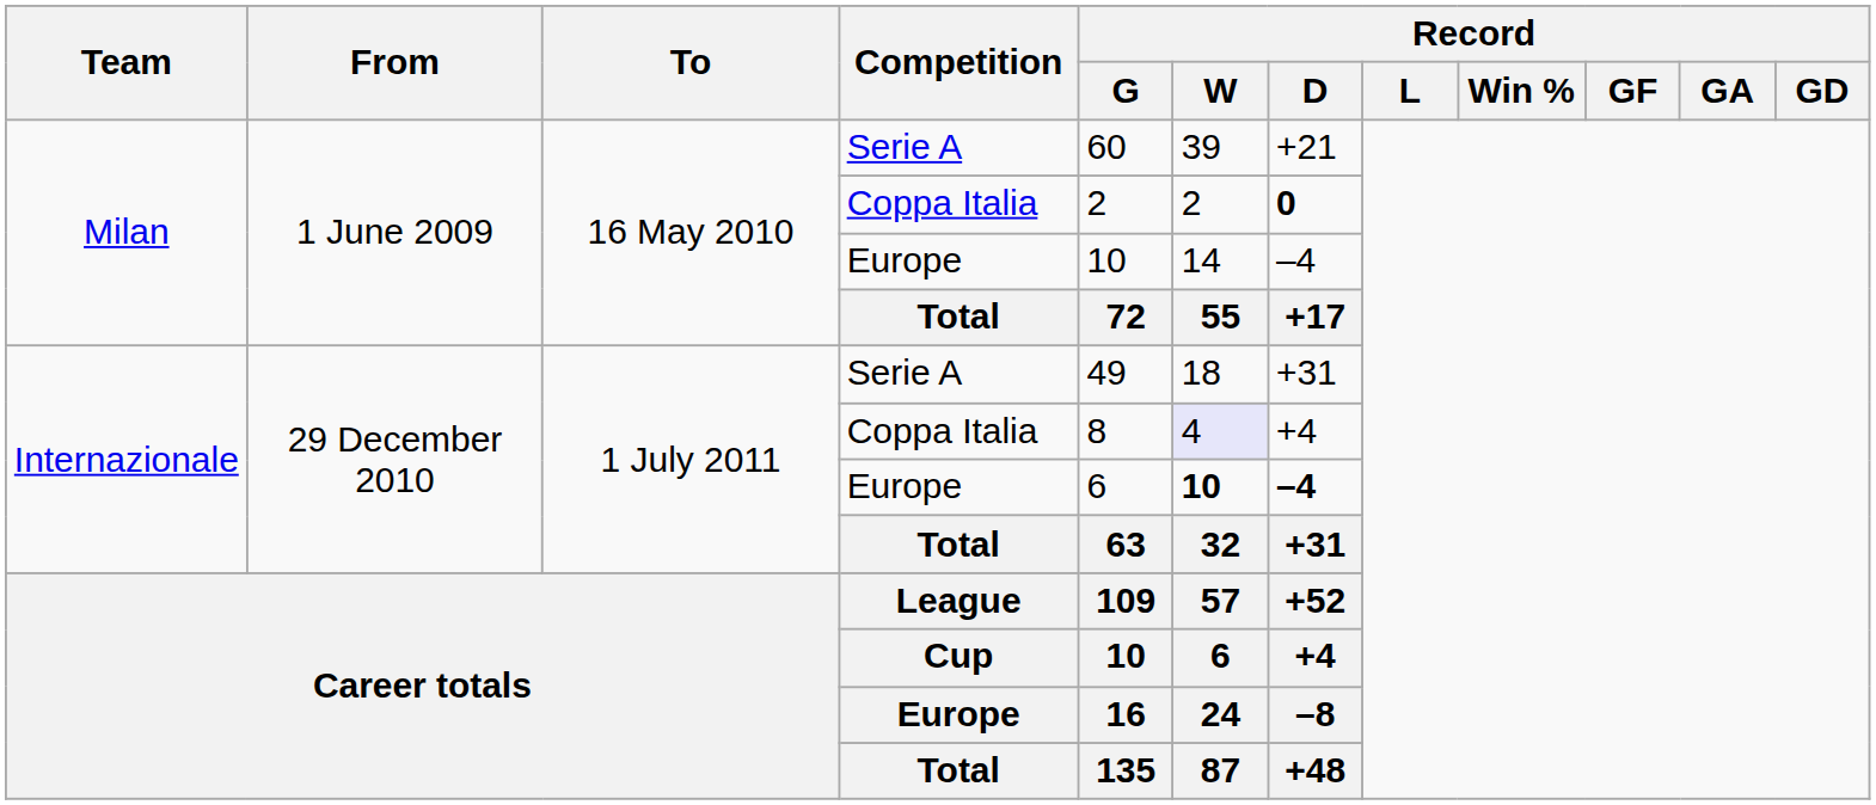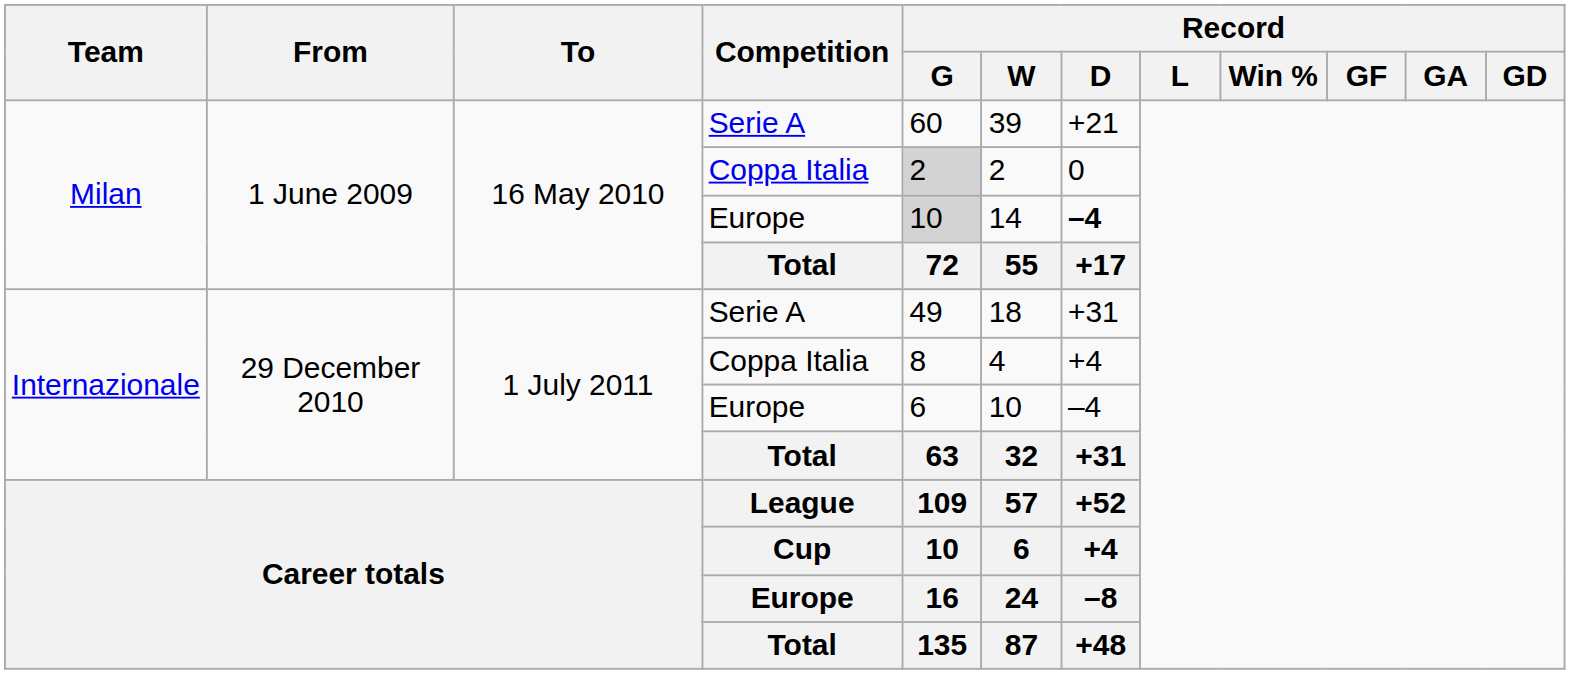 <table class="wikitable" style="text-align: center">
 <tr>
 <th rowspan="2" width="100">Team</th>
 <th rowspan="2" width="125">From</th>
 <th rowspan="2" width="125">To</th>
 <th rowspan="2" width="100">Competition</th>
 <th colspan="8">Record</th>
 </tr>
 <tr>
 <th width="35">G</th>
 <th width="35">W</th>
 <th width="35">D</th>
 <th width="35">L</th>
 <th width="50">Win %</th>
 <th width="35">GF</th>
 <th width="35">GA</th>
 <th width="35">GD</th>
 </tr>
 <tr>
 <td rowspan="4"><a href='#'>Milan</a></td>
 <td rowspan="4">1 June 2009</td>
 <td rowspan="4">16 May 2010</td>
 <td align="left"><a href='#'>Serie A</a><br></td>
 <td align="left">60</td>
 <td align="left">39</td>
 <td align="left">+21</td>
 </tr>
 <tr>
 <td align="left"><a href='#'>Coppa Italia</a><br></td>
+<td align="left" style="background: lightgrey;">2</td>
 <td align="left">2</td>
-<td align="left">2</td>
-<td align="left"><strong>0</strong></td>
+<td align="left">0</td>
 </tr>
 <tr>
 <td align="left">Europe<br></td>
-<td align="left">10</td>
+<td align="left" style="background: lightgrey;">10</td>
 <td align="left">14</td>
-<td align="left">–4</td>
+<td align="left"><strong>–4</strong></td>
 </tr>
 <tr>
 <th>Total<br></th>
 <th align="left">72</th>
 <th align="left">55</th>
 <th align="left">+17</th>
 </tr>
 <tr>
 <td rowspan="4"><a href='#'>Internazionale</a></td>
 <td rowspan="4">29 December 2010</td>
 <td rowspan="4">1 July 2011</td>
 <td align="left">Serie A<br></td>
 <td align="left">49</td>
 <td align="left">18</td>
 <td align="left">+31</td>
 </tr>
 <tr>
 <td align="left">Coppa Italia<br></td>
 <td align="left">8</td>
-<td align="left" style="background: lavender;">4</td>
+<td align="left">4</td>
 <td align="left">+4</td>
 </tr>
 <tr>
 <td align="left">Europe<br></td>
 <td align="left">6</td>
-<td align="left"><strong>10</strong></td>
-<td align="left"><strong>–4</strong></td>
+<td align="left">10</td>
+<td align="left">–4</td>
 </tr>
 <tr>
 <th>Total<br></th>
 <th align="left">63</th>
 <th align="left">32</th>
 <th align="left">+31</th>
 </tr>
 <tr>
 <th rowspan="4" colspan="3">Career totals</th>
 <th>League<br></th>
 <th align="left">109</th>
 <th align="left">57</th>
 <th align="left">+52</th>
 </tr>
 <tr>
 <th>Cup<br></th>
 <th align="left">10</th>
 <th align="left">6</th>
 <th align="left">+4</th>
 </tr>
 <tr>
 <th>Europe<br></th>
 <th align="left">16</th>
 <th align="left">24</th>
 <th align="left">–8</th>
 </tr>
 <tr>
 <th>Total<br></th>
 <th align="left">135</th>
 <th align="left">87</th>
 <th align="left">+48</th>
 </tr>
 </table>
